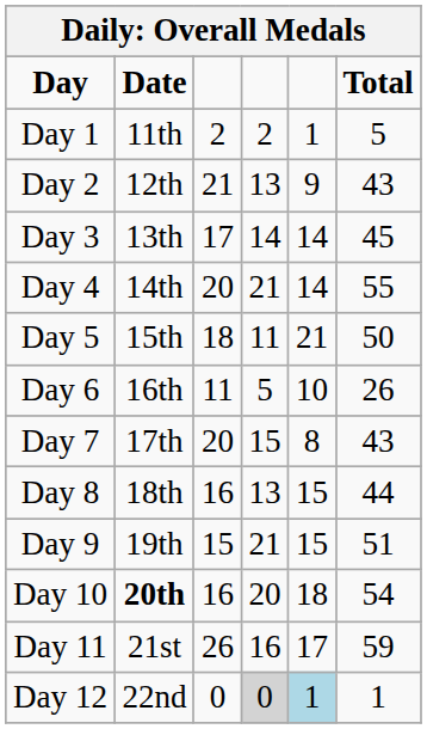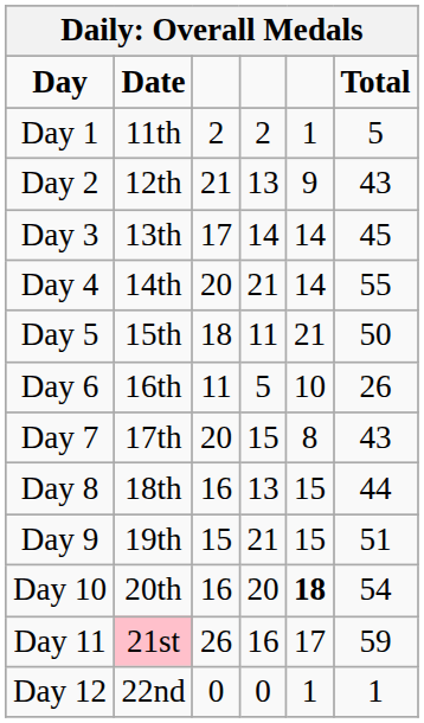 <table class="wikitable" style="font-size:100%" align="left">
 <tr bgcolor="#efefef">
 <th colspan=10><strong>Daily: Overall Medals</strong></th>
 </tr>
 <tr style="text-align:center;">
 <td><strong>Day</strong></td>
 <td><strong>Date</strong></td>
 <td></td>
 <td></td>
 <td></td>
 <td><strong>Total</strong></td>
 </tr>
 <tr style="text-align:center;">
 <td>Day 1</td>
 <td>11th</td>
 <td>2</td>
 <td>2</td>
 <td>1</td>
 <td>5</td>
 </tr>
 <tr style="text-align:center;">
 <td>Day 2</td>
 <td>12th</td>
 <td>21</td>
 <td>13</td>
 <td>9</td>
 <td>43</td>
 </tr>
 <tr style="text-align:center;">
 <td>Day 3</td>
 <td>13th</td>
 <td>17</td>
 <td>14</td>
 <td>14</td>
 <td>45</td>
 </tr>
 <tr style="text-align:center;">
 <td>Day 4</td>
 <td>14th</td>
 <td>20</td>
 <td>21</td>
 <td>14</td>
 <td>55</td>
 </tr>
 <tr style="text-align:center;">
 <td>Day 5</td>
 <td>15th</td>
 <td>18</td>
 <td>11</td>
 <td>21</td>
 <td>50</td>
 </tr>
 <tr style="text-align:center;">
 <td>Day 6</td>
 <td>16th</td>
 <td>11</td>
 <td>5</td>
 <td>10</td>
 <td>26</td>
 </tr>
 <tr style="text-align:center;">
 <td>Day 7</td>
 <td>17th</td>
 <td>20</td>
 <td>15</td>
 <td>8</td>
 <td>43</td>
 </tr>
 <tr style="text-align:center;">
 <td>Day 8</td>
 <td>18th</td>
 <td>16</td>
 <td>13</td>
 <td>15</td>
 <td>44</td>
 </tr>
 <tr style="text-align:center;">
 <td>Day 9</td>
 <td>19th</td>
 <td>15</td>
 <td>21</td>
 <td>15</td>
 <td>51</td>
 </tr>
 <tr style="text-align:center;">
 <td>Day 10</td>
-<td><strong>20th</strong></td>
+<td>20th</td>
 <td>16</td>
 <td>20</td>
-<td>18</td>
+<td><strong>18</strong></td>
 <td>54</td>
 </tr>
 <tr style="text-align:center;">
 <td>Day 11</td>
-<td>21st</td>
+<td style="background: pink;">21st</td>
 <td>26</td>
 <td>16</td>
 <td>17</td>
 <td>59</td>
 </tr>
 <tr style="text-align:center;">
 <td>Day 12</td>
 <td>22nd</td>
 <td>0</td>
-<td style="background: lightgrey;">0</td>
-<td style="background: lightblue;">1</td>
+<td>0</td>
+<td>1</td>
 <td>1</td>
 </tr>
 </table>
